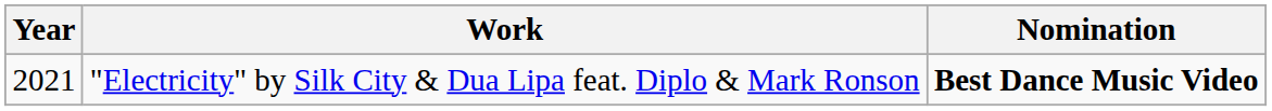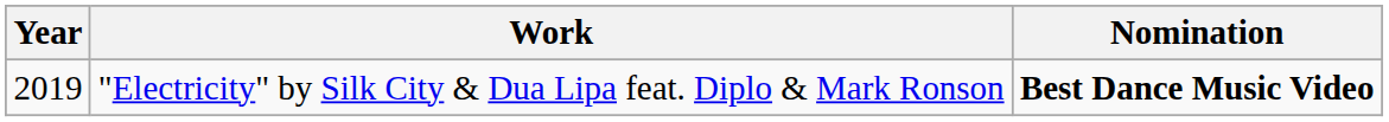 <table class="wikitable">
 <tr>
 <th>Year</th>
 <th>Work</th>
 <th>Nomination</th>
 </tr>
 <tr>
-<td>2021</td>
+<td>2019</td>
 <td>"<a href='#'>Electricity</a>" by <a href='#'>Silk City</a> & <a href='#'>Dua Lipa</a> feat. <a href='#'>Diplo</a> & <a href='#'>Mark Ronson</a></td>
 <td><strong>Best Dance Music Video</strong></td>
 </tr>
 </table>
